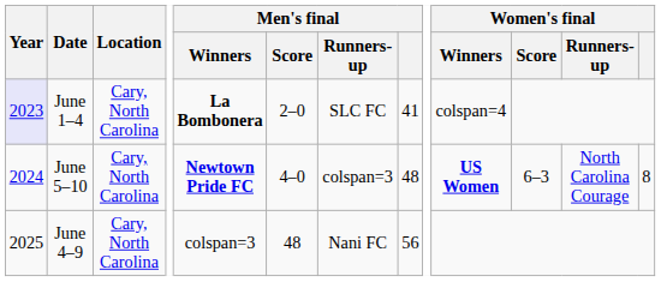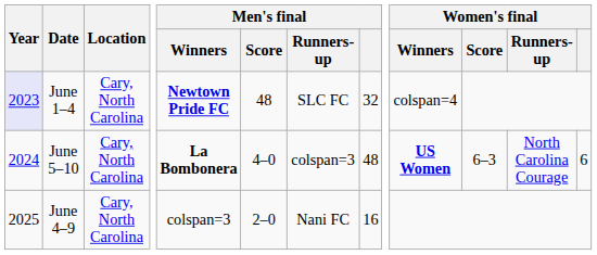 <table class="wikitable" style="text-align: center;">
 <tr>
 <th rowspan="2" width="5%">Year</th>
 <th rowspan="2" width="10%">Date</th>
 <th rowspan="2" width="10%">Location</th>
 <td rowspan="22" width="1%" style="background-color:#ffffff;border-top-style:hidden;border-bottom-style:hidden;"></td>
 <th colspan="4">Men's final</th>
 <td rowspan="22" width="1%" style="background-color:#ffffff;border-top-style:hidden;border-bottom-style:hidden;"></td>
 <th colspan="4">Women's final</th>
 </tr>
 <tr>
 <th width="14%">Winners</th>
 <th width="10%">Score</th>
 <th width="14%">Runners-up</th>
 <th width="1%"></th>
 <th width="14%">Winners</th>
 <th width="10%">Score</th>
 <th width="14%">Runners-up</th>
 <th width="1%"></th>
 </tr>
 <tr>
 <td style="background: lavender;"><a href='#'>2023</a></td>
 <td>June 1–4</td>
 <td><a href='#'>Cary, North Carolina</a></td>
-<td><strong>La Bombonera</strong></td>
-<td>2–0</td>
+<td><strong><a href='#'>Newtown Pride FC</a></strong></td>
+<td>48</td>
 <td>SLC FC</td>
-<td>41</td>
+<td>32</td>
 <td>colspan=4 </td>
 </tr>
 <tr>
 <td><a href='#'>2024</a></td>
 <td>June 5–10</td>
 <td><a href='#'>Cary, North Carolina</a></td>
-<td><strong><a href='#'>Newtown Pride FC</a></strong></td>
+<td><strong>La Bombonera</strong></td>
 <td>4–0</td>
 <td>colspan=3 </td>
 <td>48</td>
 <td><strong><a href='#'>US Women</a></strong></td>
 <td>6–3</td>
 <td><a href='#'>North Carolina Courage </a></td>
-<td>8</td>
+<td>6</td>
 </tr>
 <tr>
 <td>2025</td>
 <td>June 4–9</td>
 <td><a href='#'>Cary, North Carolina</a></td>
 <td>colspan=3 </td>
-<td>48</td>
+<td>2–0</td>
 <td>Nani FC</td>
-<td>56</td>
+<td>16</td>
 </tr>
 </table>
